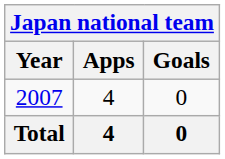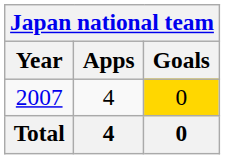 <table class="wikitable" style="text-align:center">
 <tr>
 <th colspan=3><a href='#'>Japan national team</a></th>
 </tr>
 <tr>
 <th>Year</th>
 <th>Apps</th>
 <th>Goals</th>
 </tr>
 <tr>
 <td><a href='#'>2007</a></td>
 <td>4</td>
-<td>0</td>
+<td style="background: gold;">0</td>
 </tr>
 <tr>
 <th>Total</th>
 <th>4</th>
 <th>0</th>
 </tr>
 </table>
